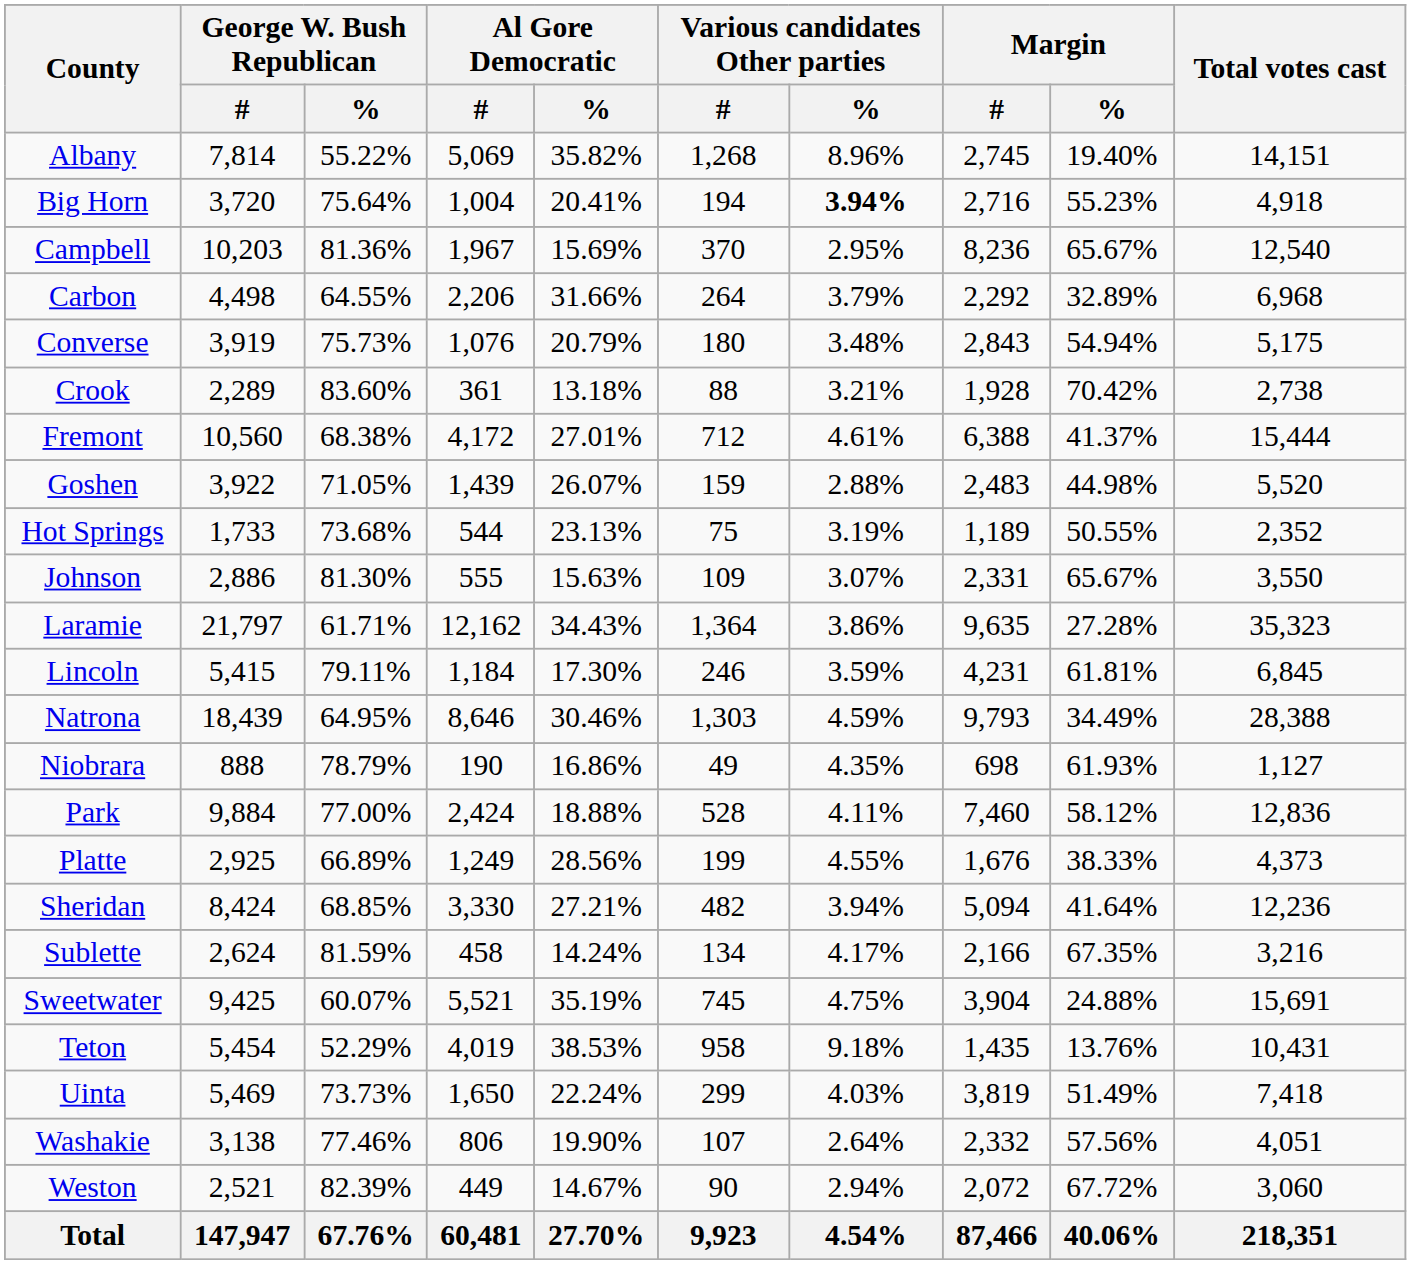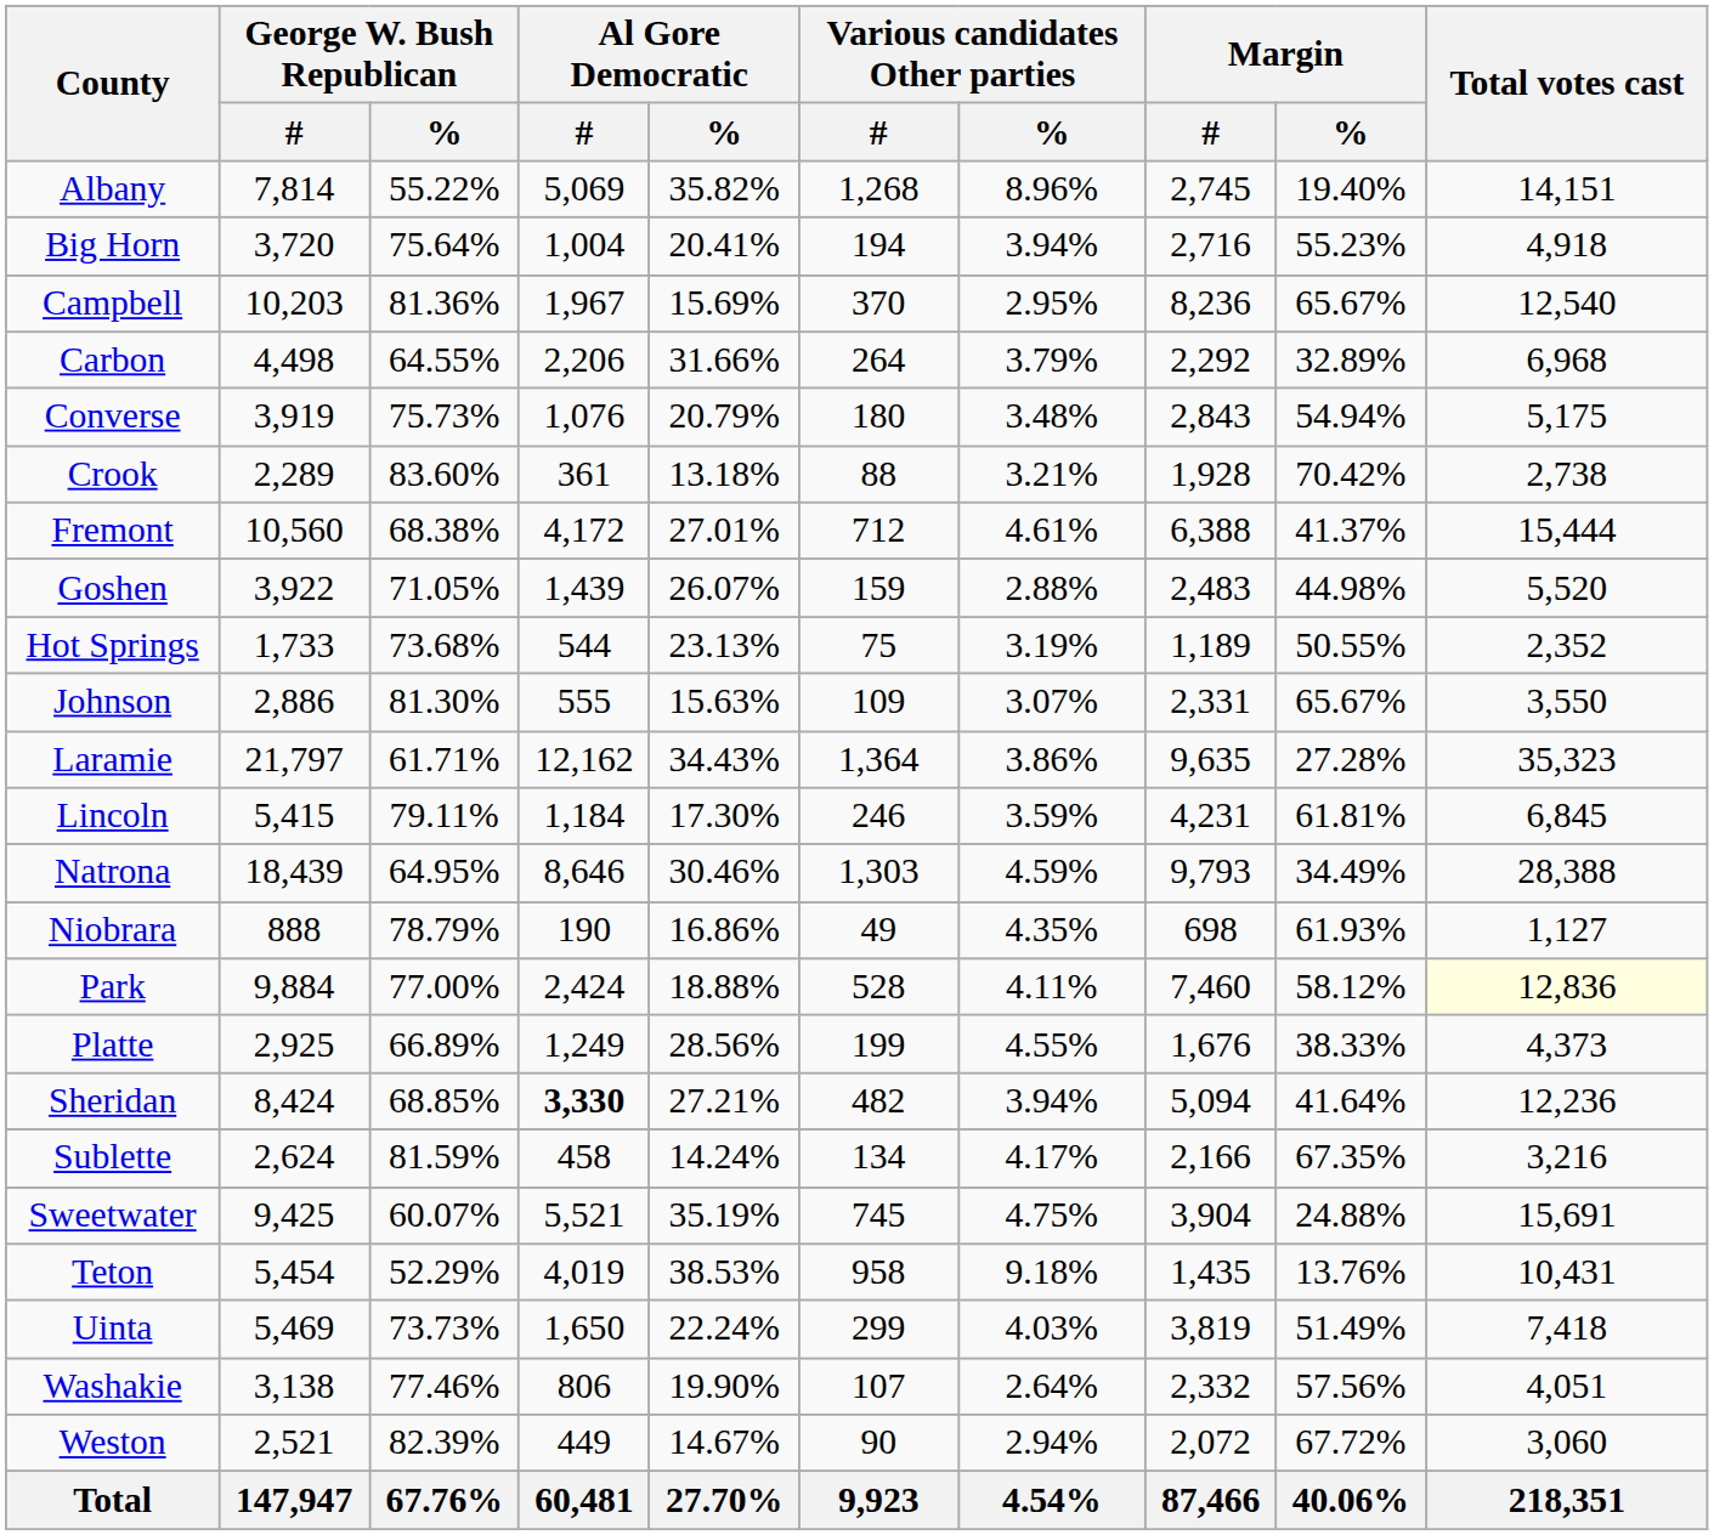 <table width="60%" class="wikitable sortable" style="text-align:center">
 <tr>
 <th style="text-align:center;" rowspan="2">County</th>
 <th style="text-align:center;" colspan="2">George W. Bush<br>Republican</th>
 <th style="text-align:center;" colspan="2">Al Gore<br>Democratic</th>
 <th style="text-align:center;" colspan="2">Various candidates<br>Other parties</th>
 <th style="text-align:center;" colspan="2">Margin</th>
 <th style="text-align:center;" rowspan="2" style="text-align:center;">Total votes cast</th>
 </tr>
 <tr>
 <th style="text-align:center;" data-sort-type="number">#</th>
 <th style="text-align:center;" data-sort-type="number">%</th>
 <th style="text-align:center;" data-sort-type="number">#</th>
 <th style="text-align:center;" data-sort-type="number">%</th>
 <th style="text-align:center;" data-sort-type="number">#</th>
 <th style="text-align:center;" data-sort-type="number">%</th>
 <th style="text-align:center;" data-sort-type="number">#</th>
 <th style="text-align:center;" data-sort-type="number">%</th>
 </tr>
 <tr style="text-align:center;">
 <td><a href='#'>Albany</a></td>
 <td>7,814</td>
 <td>55.22%</td>
 <td>5,069</td>
 <td>35.82%</td>
 <td>1,268</td>
 <td>8.96%</td>
 <td>2,745</td>
 <td>19.40%</td>
 <td>14,151</td>
 </tr>
 <tr style="text-align:center;">
 <td><a href='#'>Big Horn</a></td>
 <td>3,720</td>
 <td>75.64%</td>
 <td>1,004</td>
 <td>20.41%</td>
 <td>194</td>
-<td><strong>3.94%</strong></td>
+<td>3.94%</td>
 <td>2,716</td>
 <td>55.23%</td>
 <td>4,918</td>
 </tr>
 <tr style="text-align:center;">
 <td><a href='#'>Campbell</a></td>
 <td>10,203</td>
 <td>81.36%</td>
 <td>1,967</td>
 <td>15.69%</td>
 <td>370</td>
 <td>2.95%</td>
 <td>8,236</td>
 <td>65.67%</td>
 <td>12,540</td>
 </tr>
 <tr style="text-align:center;">
 <td><a href='#'>Carbon</a></td>
 <td>4,498</td>
 <td>64.55%</td>
 <td>2,206</td>
 <td>31.66%</td>
 <td>264</td>
 <td>3.79%</td>
 <td>2,292</td>
 <td>32.89%</td>
 <td>6,968</td>
 </tr>
 <tr style="text-align:center;">
 <td><a href='#'>Converse</a></td>
 <td>3,919</td>
 <td>75.73%</td>
 <td>1,076</td>
 <td>20.79%</td>
 <td>180</td>
 <td>3.48%</td>
 <td>2,843</td>
 <td>54.94%</td>
 <td>5,175</td>
 </tr>
 <tr style="text-align:center;">
 <td><a href='#'>Crook</a></td>
 <td>2,289</td>
 <td>83.60%</td>
 <td>361</td>
 <td>13.18%</td>
 <td>88</td>
 <td>3.21%</td>
 <td>1,928</td>
 <td>70.42%</td>
 <td>2,738</td>
 </tr>
 <tr style="text-align:center;">
 <td><a href='#'>Fremont</a></td>
 <td>10,560</td>
 <td>68.38%</td>
 <td>4,172</td>
 <td>27.01%</td>
 <td>712</td>
 <td>4.61%</td>
 <td>6,388</td>
 <td>41.37%</td>
 <td>15,444</td>
 </tr>
 <tr style="text-align:center;">
 <td><a href='#'>Goshen</a></td>
 <td>3,922</td>
 <td>71.05%</td>
 <td>1,439</td>
 <td>26.07%</td>
 <td>159</td>
 <td>2.88%</td>
 <td>2,483</td>
 <td>44.98%</td>
 <td>5,520</td>
 </tr>
 <tr style="text-align:center;">
 <td><a href='#'>Hot Springs</a></td>
 <td>1,733</td>
 <td>73.68%</td>
 <td>544</td>
 <td>23.13%</td>
 <td>75</td>
 <td>3.19%</td>
 <td>1,189</td>
 <td>50.55%</td>
 <td>2,352</td>
 </tr>
 <tr style="text-align:center;">
 <td><a href='#'>Johnson</a></td>
 <td>2,886</td>
 <td>81.30%</td>
 <td>555</td>
 <td>15.63%</td>
 <td>109</td>
 <td>3.07%</td>
 <td>2,331</td>
 <td>65.67%</td>
 <td>3,550</td>
 </tr>
 <tr style="text-align:center;">
 <td><a href='#'>Laramie</a></td>
 <td>21,797</td>
 <td>61.71%</td>
 <td>12,162</td>
 <td>34.43%</td>
 <td>1,364</td>
 <td>3.86%</td>
 <td>9,635</td>
 <td>27.28%</td>
 <td>35,323</td>
 </tr>
 <tr style="text-align:center;">
 <td><a href='#'>Lincoln</a></td>
 <td>5,415</td>
 <td>79.11%</td>
 <td>1,184</td>
 <td>17.30%</td>
 <td>246</td>
 <td>3.59%</td>
 <td>4,231</td>
 <td>61.81%</td>
 <td>6,845</td>
 </tr>
 <tr style="text-align:center;">
 <td><a href='#'>Natrona</a></td>
 <td>18,439</td>
 <td>64.95%</td>
 <td>8,646</td>
 <td>30.46%</td>
 <td>1,303</td>
 <td>4.59%</td>
 <td>9,793</td>
 <td>34.49%</td>
 <td>28,388</td>
 </tr>
 <tr style="text-align:center;">
 <td><a href='#'>Niobrara</a></td>
 <td>888</td>
 <td>78.79%</td>
 <td>190</td>
 <td>16.86%</td>
 <td>49</td>
 <td>4.35%</td>
 <td>698</td>
 <td>61.93%</td>
 <td>1,127</td>
 </tr>
 <tr style="text-align:center;">
 <td><a href='#'>Park</a></td>
 <td>9,884</td>
 <td>77.00%</td>
 <td>2,424</td>
 <td>18.88%</td>
 <td>528</td>
 <td>4.11%</td>
 <td>7,460</td>
 <td>58.12%</td>
-<td>12,836</td>
+<td style="background: lightyellow;">12,836</td>
 </tr>
 <tr style="text-align:center;">
 <td><a href='#'>Platte</a></td>
 <td>2,925</td>
 <td>66.89%</td>
 <td>1,249</td>
 <td>28.56%</td>
 <td>199</td>
 <td>4.55%</td>
 <td>1,676</td>
 <td>38.33%</td>
 <td>4,373</td>
 </tr>
 <tr style="text-align:center;">
 <td><a href='#'>Sheridan</a></td>
 <td>8,424</td>
 <td>68.85%</td>
-<td>3,330</td>
+<td><strong>3,330</strong></td>
 <td>27.21%</td>
 <td>482</td>
 <td>3.94%</td>
 <td>5,094</td>
 <td>41.64%</td>
 <td>12,236</td>
 </tr>
 <tr style="text-align:center;">
 <td><a href='#'>Sublette</a></td>
 <td>2,624</td>
 <td>81.59%</td>
 <td>458</td>
 <td>14.24%</td>
 <td>134</td>
 <td>4.17%</td>
 <td>2,166</td>
 <td>67.35%</td>
 <td>3,216</td>
 </tr>
 <tr style="text-align:center;">
 <td><a href='#'>Sweetwater</a></td>
 <td>9,425</td>
 <td>60.07%</td>
 <td>5,521</td>
 <td>35.19%</td>
 <td>745</td>
 <td>4.75%</td>
 <td>3,904</td>
 <td>24.88%</td>
 <td>15,691</td>
 </tr>
 <tr style="text-align:center;">
 <td><a href='#'>Teton</a></td>
 <td>5,454</td>
 <td>52.29%</td>
 <td>4,019</td>
 <td>38.53%</td>
 <td>958</td>
 <td>9.18%</td>
 <td>1,435</td>
 <td>13.76%</td>
 <td>10,431</td>
 </tr>
 <tr style="text-align:center;">
 <td><a href='#'>Uinta</a></td>
 <td>5,469</td>
 <td>73.73%</td>
 <td>1,650</td>
 <td>22.24%</td>
 <td>299</td>
 <td>4.03%</td>
 <td>3,819</td>
 <td>51.49%</td>
 <td>7,418</td>
 </tr>
 <tr style="text-align:center;">
 <td><a href='#'>Washakie</a></td>
 <td>3,138</td>
 <td>77.46%</td>
 <td>806</td>
 <td>19.90%</td>
 <td>107</td>
 <td>2.64%</td>
 <td>2,332</td>
 <td>57.56%</td>
 <td>4,051</td>
 </tr>
 <tr style="text-align:center;">
 <td><a href='#'>Weston</a></td>
 <td>2,521</td>
 <td>82.39%</td>
 <td>449</td>
 <td>14.67%</td>
 <td>90</td>
 <td>2.94%</td>
 <td>2,072</td>
 <td>67.72%</td>
 <td>3,060</td>
 </tr>
 <tr style="text-align:center;">
 <th>Total</th>
 <th>147,947</th>
 <th>67.76%</th>
 <th>60,481</th>
 <th>27.70%</th>
 <th>9,923</th>
 <th>4.54%</th>
 <th>87,466</th>
 <th>40.06%</th>
 <th>218,351</th>
 </tr>
 </table>
